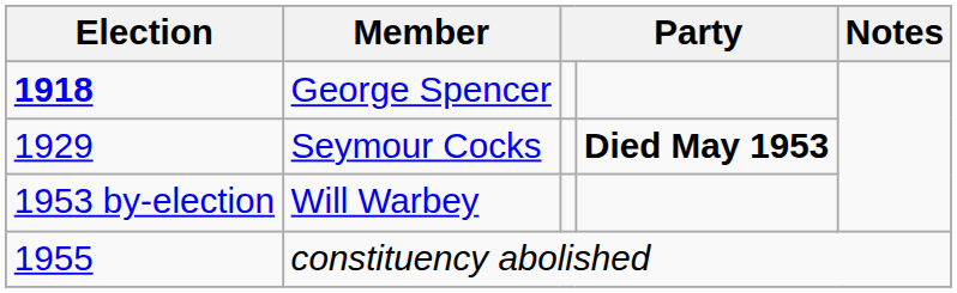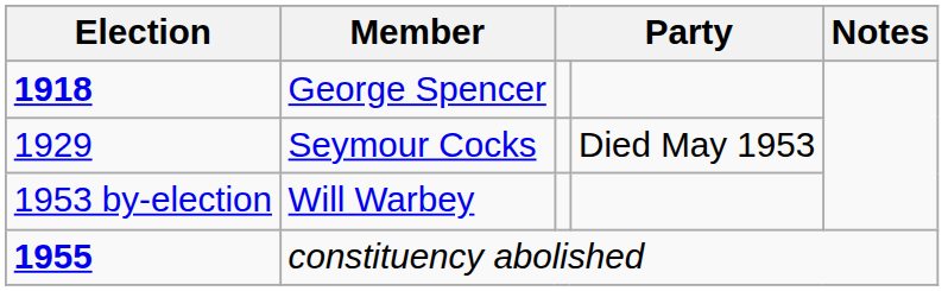 <table class="wikitable">
 <tr>
 <th>Election</th>
 <th>Member</th>
 <th colspan="2">Party</th>
 <th>Notes</th>
 </tr>
 <tr>
 <td><strong><a href='#'>1918</a></strong></td>
 <td><a href='#'>George Spencer</a></td>
 <td></td>
 <td></td>
 </tr>
 <tr>
 <td><a href='#'>1929</a></td>
 <td><a href='#'>Seymour Cocks</a></td>
 <td></td>
-<td><strong>Died May 1953</strong></td>
+<td>Died May 1953</td>
 </tr>
 <tr>
 <td><a href='#'>1953 by-election</a></td>
 <td><a href='#'>Will Warbey</a></td>
 <td></td>
 <td></td>
 </tr>
 <tr>
-<td><a href='#'>1955</a></td>
+<td><strong><a href='#'>1955</a></strong></td>
 <td colspan="4"><em>constituency abolished</em></td>
 </tr>
 </table>
